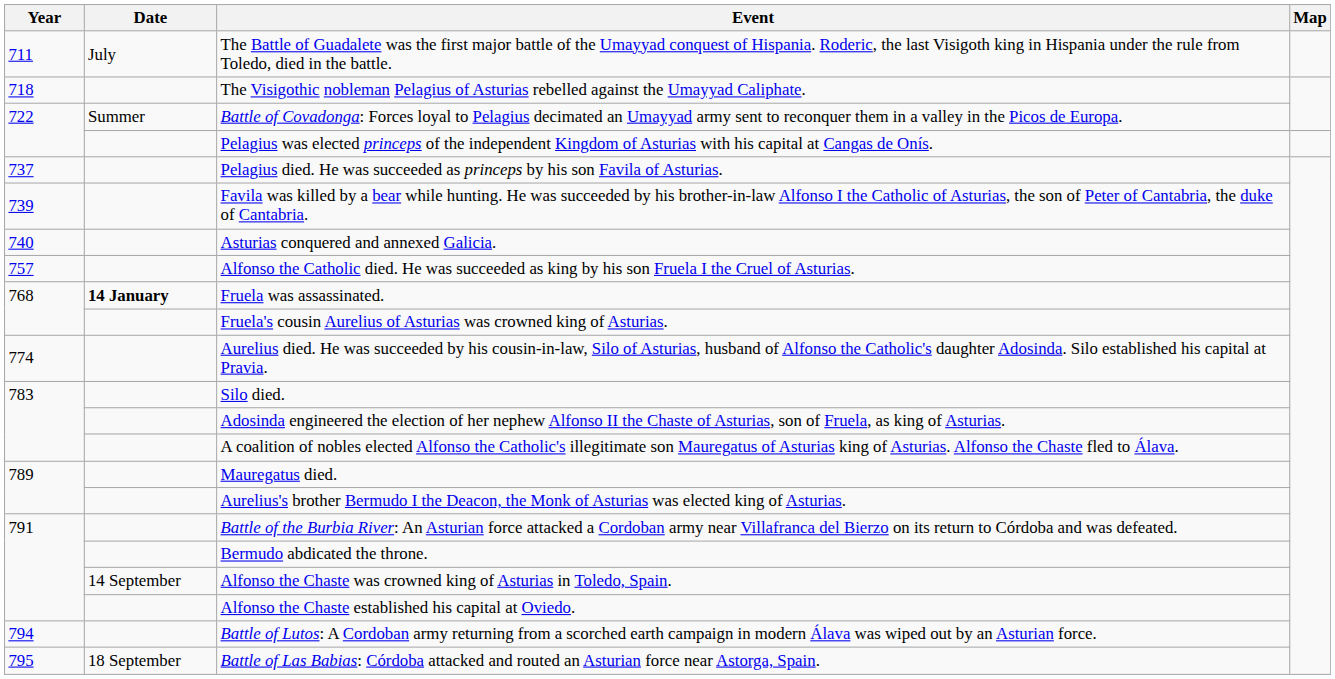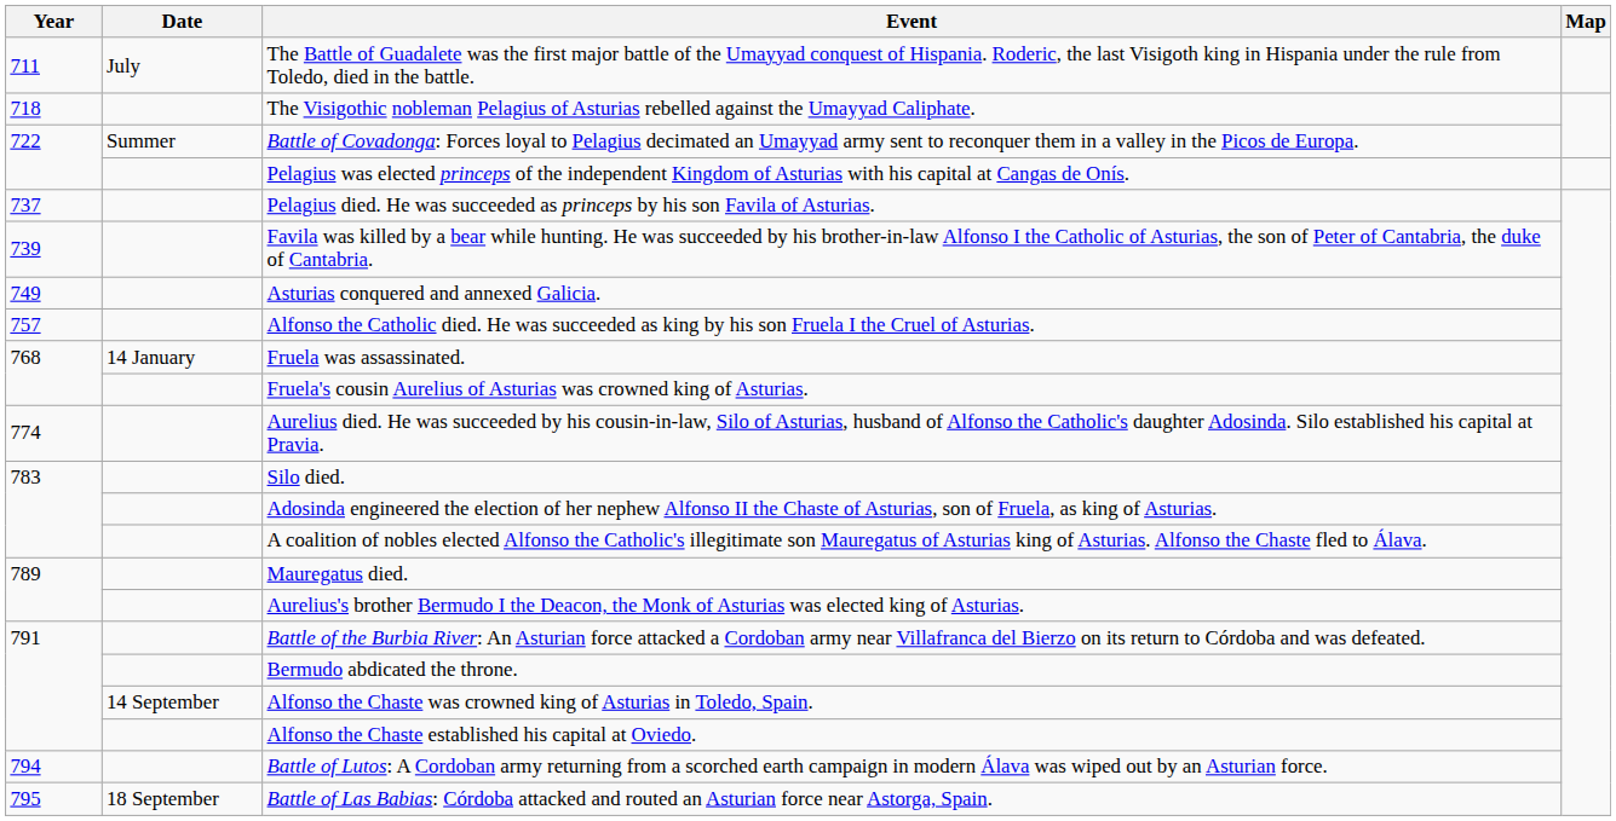 <table class="wikitable" style="width:100%">
 <tr>
 <th style="width:6%">Year</th>
 <th style="width:10%">Date</th>
 <th>Event</th>
 <th>Map</th>
 </tr>
 <tr>
 <td><a href='#'>711</a></td>
 <td>July</td>
 <td>The <a href='#'>Battle of Guadalete</a> was the first major battle of the <a href='#'>Umayyad conquest of Hispania</a>. <a href='#'>Roderic</a>, the last Visigoth king in Hispania under the rule from Toledo, died in the battle.</td>
 <td></td>
 </tr>
 <tr>
 <td><a href='#'>718</a></td>
 <td></td>
 <td>The <a href='#'>Visigothic</a> <a href='#'>nobleman</a> <a href='#'>Pelagius of Asturias</a> rebelled against the <a href='#'>Umayyad Caliphate</a>.</td>
 </tr>
 <tr>
 <td rowspan="2" valign="top"><a href='#'>722</a></td>
 <td>Summer</td>
 <td><em><a href='#'>Battle of Covadonga</a></em>: Forces loyal to <a href='#'>Pelagius</a> decimated an <a href='#'>Umayyad</a> army sent to reconquer them in a valley in the <a href='#'>Picos de Europa</a>.</td>
 </tr>
 <tr>
 <td></td>
 <td><a href='#'>Pelagius</a> was elected <em><a href='#'>princeps</a></em> of the independent <a href='#'>Kingdom of Asturias</a> with his capital at <a href='#'>Cangas de Onís</a>.</td>
 <td></td>
 </tr>
 <tr>
 <td><a href='#'>737</a></td>
 <td></td>
 <td><a href='#'>Pelagius</a> died. He was succeeded as <em>princeps</em> by his son <a href='#'>Favila of Asturias</a>.</td>
 </tr>
 <tr>
 <td><a href='#'>739</a></td>
 <td></td>
 <td><a href='#'>Favila</a> was killed by a <a href='#'>bear</a> while hunting.  He was succeeded by his brother-in-law <a href='#'>Alfonso I the Catholic of Asturias</a>, the son of <a href='#'>Peter of Cantabria</a>, the <a href='#'>duke</a> of <a href='#'>Cantabria</a>.</td>
 </tr>
 <tr>
-<td><a href='#'>740</a></td>
+<td><a href='#'>749</a></td>
 <td></td>
 <td><a href='#'>Asturias</a> conquered and annexed <a href='#'>Galicia</a>.</td>
 </tr>
 <tr>
 <td><a href='#'>757</a></td>
 <td></td>
 <td><a href='#'>Alfonso the Catholic</a> died.  He was succeeded as king by his son <a href='#'>Fruela I the Cruel of Asturias</a>.</td>
 </tr>
 <tr>
 <td rowspan="2" valign="top">768</td>
-<td><strong>14 January</strong></td>
+<td>14 January</td>
 <td><a href='#'>Fruela</a> was assassinated.</td>
 </tr>
 <tr>
 <td></td>
 <td><a href='#'>Fruela's</a> cousin <a href='#'>Aurelius of Asturias</a> was crowned king of <a href='#'>Asturias</a>.</td>
 </tr>
 <tr>
 <td>774</td>
 <td></td>
 <td><a href='#'>Aurelius</a> died.  He was succeeded by his cousin-in-law, <a href='#'>Silo of Asturias</a>, husband of <a href='#'>Alfonso the Catholic's</a> daughter <a href='#'>Adosinda</a>.  Silo established his capital at <a href='#'>Pravia</a>.</td>
 </tr>
 <tr>
 <td rowspan="3" valign="top">783</td>
 <td></td>
 <td><a href='#'>Silo</a> died.</td>
 </tr>
 <tr>
 <td></td>
 <td><a href='#'>Adosinda</a> engineered the election of her nephew <a href='#'>Alfonso II the Chaste of Asturias</a>, son of <a href='#'>Fruela</a>, as king of <a href='#'>Asturias</a>.</td>
 </tr>
 <tr>
 <td></td>
 <td>A coalition of nobles elected <a href='#'>Alfonso the Catholic's</a> illegitimate son <a href='#'>Mauregatus of Asturias</a> king of <a href='#'>Asturias</a>. <a href='#'>Alfonso the Chaste</a> fled to <a href='#'>Álava</a>.</td>
 </tr>
 <tr>
 <td rowspan="2" valign="top">789</td>
 <td></td>
 <td><a href='#'>Mauregatus</a> died.</td>
 </tr>
 <tr>
 <td></td>
 <td><a href='#'>Aurelius's</a> brother <a href='#'>Bermudo I the Deacon, the Monk of Asturias</a> was elected king of <a href='#'>Asturias</a>.</td>
 </tr>
 <tr>
 <td rowspan="4" valign="top">791</td>
 <td></td>
 <td><em><a href='#'>Battle of the Burbia River</a></em>: An <a href='#'>Asturian</a> force attacked a <a href='#'>Cordoban</a> army near <a href='#'>Villafranca del Bierzo</a> on its return to Córdoba and was defeated.</td>
 </tr>
 <tr>
 <td></td>
 <td><a href='#'>Bermudo</a> abdicated the throne.</td>
 </tr>
 <tr>
 <td>14 September</td>
 <td><a href='#'>Alfonso the Chaste</a> was crowned king of <a href='#'>Asturias</a> in <a href='#'>Toledo, Spain</a>.</td>
 </tr>
 <tr>
 <td></td>
 <td><a href='#'>Alfonso the Chaste</a> established his capital at <a href='#'>Oviedo</a>.</td>
 </tr>
 <tr>
 <td><a href='#'>794</a></td>
 <td></td>
 <td><em><a href='#'>Battle of Lutos</a></em>: A <a href='#'>Cordoban</a> army returning from a scorched earth campaign in modern <a href='#'>Álava</a> was wiped out by an <a href='#'>Asturian</a> force.</td>
 </tr>
 <tr>
 <td><a href='#'>795</a></td>
 <td>18 September</td>
 <td><em><a href='#'>Battle of Las Babias</a></em>: <a href='#'>Córdoba</a> attacked and routed an <a href='#'>Asturian</a> force near <a href='#'>Astorga, Spain</a>.</td>
 </tr>
 </table>
